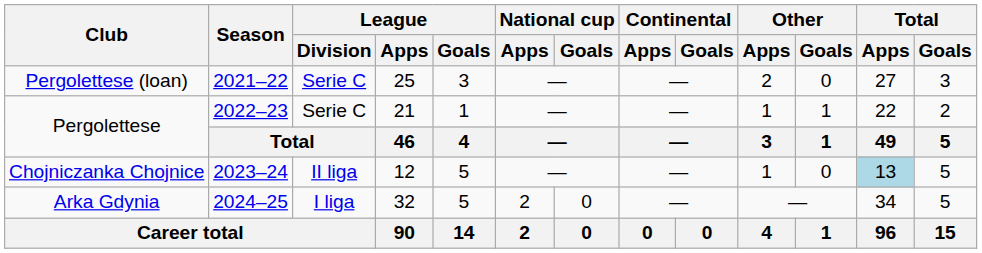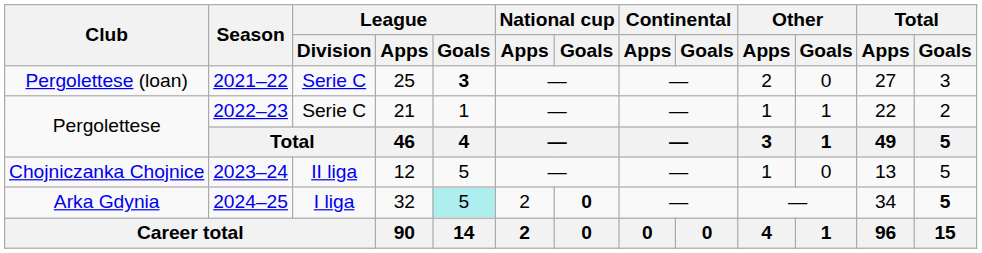 <table class="wikitable" Style="text-align: center">
 <tr>
 <th rowspan="2">Club</th>
 <th rowspan="2">Season</th>
 <th colspan="3">League</th>
 <th colspan="2">National cup</th>
 <th colspan="2">Continental</th>
 <th colspan="2">Other</th>
 <th colspan="2">Total</th>
 </tr>
 <tr>
 <th>Division</th>
 <th>Apps</th>
 <th>Goals</th>
 <th>Apps</th>
 <th>Goals</th>
 <th>Apps</th>
 <th>Goals</th>
 <th>Apps</th>
 <th>Goals</th>
 <th>Apps</th>
 <th>Goals</th>
 </tr>
 <tr>
 <td><a href='#'>Pergolettese</a> (loan)</td>
 <td><a href='#'>2021–22</a></td>
 <td><a href='#'>Serie C</a></td>
 <td>25</td>
-<td>3</td>
+<td><strong>3</strong></td>
 <td colspan="2">—</td>
 <td colspan="2">—</td>
 <td>2</td>
 <td>0</td>
 <td>27</td>
 <td>3</td>
 </tr>
 <tr>
 <td rowspan="2">Pergolettese</td>
 <td><a href='#'>2022–23</a></td>
 <td>Serie C</td>
 <td>21</td>
 <td>1</td>
 <td colspan="2">—</td>
 <td colspan="2">—</td>
 <td>1</td>
 <td>1</td>
 <td>22</td>
 <td>2</td>
 </tr>
 <tr>
 <th colspan="2">Total</th>
 <th>46</th>
 <th>4</th>
 <th colspan="2">—</th>
 <th colspan="2">—</th>
 <th>3</th>
 <th>1</th>
 <th>49</th>
 <th>5</th>
 </tr>
 <tr>
 <td><a href='#'>Chojniczanka Chojnice</a></td>
 <td><a href='#'>2023–24</a></td>
 <td><a href='#'>II liga</a></td>
 <td>12</td>
 <td>5</td>
 <td colspan="2">—</td>
 <td colspan="2">—</td>
 <td>1</td>
 <td>0</td>
-<td style="background: lightblue;">13</td>
+<td>13</td>
 <td>5</td>
 </tr>
 <tr>
 <td><a href='#'>Arka Gdynia</a></td>
 <td><a href='#'>2024–25</a></td>
 <td><a href='#'>I liga</a></td>
 <td>32</td>
-<td>5</td>
+<td style="background: paleturquoise;">5</td>
 <td>2</td>
-<td>0</td>
+<td><strong>0</strong></td>
 <td colspan="2">—</td>
 <td colspan="2">—</td>
 <td>34</td>
-<td>5</td>
+<td><strong>5</strong></td>
 </tr>
 <tr>
 <th colspan="3">Career total</th>
 <th>90</th>
 <th>14</th>
 <th>2</th>
 <th>0</th>
 <th>0</th>
 <th>0</th>
 <th>4</th>
 <th>1</th>
 <th>96</th>
 <th>15</th>
 </tr>
 </table>
